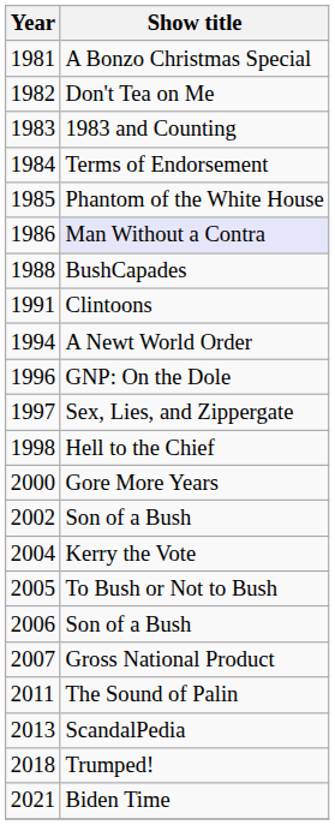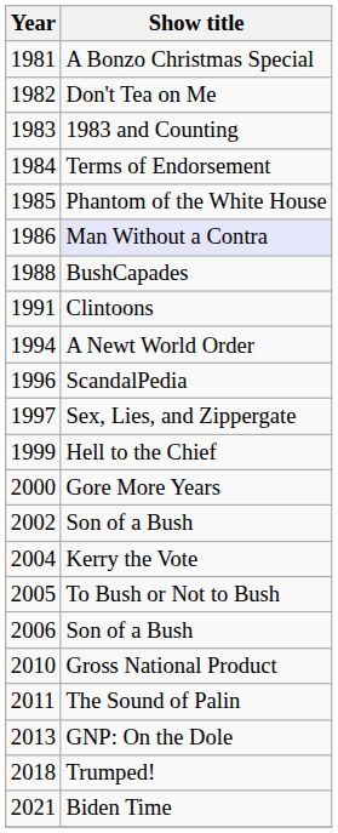 <table class= "wikitable">
 <tr>
 <th>Year</th>
 <th>Show title</th>
 </tr>
 <tr>
 <td>1981</td>
 <td>A Bonzo Christmas Special</td>
 </tr>
 <tr>
 <td>1982</td>
 <td>Don't Tea on Me</td>
 </tr>
 <tr>
 <td>1983</td>
 <td>1983 and Counting</td>
 </tr>
 <tr>
 <td>1984</td>
 <td>Terms of Endorsement</td>
 </tr>
 <tr>
 <td>1985</td>
 <td>Phantom of the White House</td>
 </tr>
 <tr>
 <td>1986</td>
 <td style="background: lavender;">Man Without a Contra</td>
 </tr>
 <tr>
 <td>1988</td>
 <td>BushCapades</td>
 </tr>
 <tr>
 <td>1991</td>
 <td>Clintoons</td>
 </tr>
 <tr>
 <td>1994</td>
 <td>A Newt World Order</td>
 </tr>
 <tr>
 <td>1996</td>
-<td>GNP: On the Dole</td>
+<td>ScandalPedia</td>
 </tr>
 <tr>
 <td>1997</td>
 <td>Sex, Lies, and Zippergate</td>
 </tr>
 <tr>
-<td>1998</td>
+<td>1999</td>
 <td>Hell to the Chief</td>
 </tr>
 <tr>
 <td>2000</td>
 <td>Gore More Years</td>
 </tr>
 <tr>
 <td>2002</td>
 <td>Son of a Bush</td>
 </tr>
 <tr>
 <td>2004</td>
 <td>Kerry the Vote</td>
 </tr>
 <tr>
 <td>2005</td>
 <td>To Bush or Not to Bush</td>
 </tr>
 <tr>
 <td>2006</td>
 <td>Son of a Bush</td>
 </tr>
 <tr>
-<td>2007</td>
+<td>2010</td>
 <td>Gross National Product</td>
 </tr>
 <tr>
 <td>2011</td>
 <td>The Sound of Palin</td>
 </tr>
 <tr>
 <td>2013</td>
-<td>ScandalPedia</td>
+<td>GNP: On the Dole</td>
 </tr>
 <tr>
 <td>2018</td>
 <td>Trumped!</td>
 </tr>
 <tr>
 <td>2021</td>
 <td>Biden Time</td>
 </tr>
 <tr>
 </tr>
 </table>
